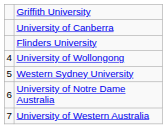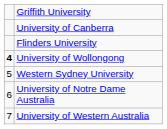 <table class="wikitable" style="width:260px;">
 <tr>
 <td align=center></td>
 <td><a href='#'>Griffith University</a></td>
 </tr>
 <tr>
 <td align=center></td>
 <td><a href='#'>University of Canberra</a></td>
 </tr>
 <tr>
 <td align=center></td>
 <td><a href='#'>Flinders University</a></td>
 </tr>
 <tr>
-<td align=center>4</td>
+<td align=center><strong>4</strong></td>
 <td><a href='#'>University of Wollongong</a></td>
 </tr>
 <tr>
 <td align=center>5</td>
 <td><a href='#'>Western Sydney University</a></td>
 </tr>
 <tr>
 <td align=center>6</td>
 <td><a href='#'>University of Notre Dame Australia</a></td>
 </tr>
 <tr>
 <td align=center>7</td>
 <td><a href='#'>University of Western Australia</a></td>
 </tr>
 </table>
